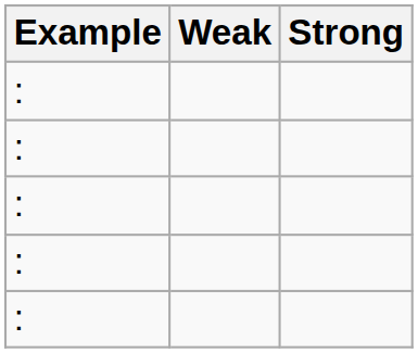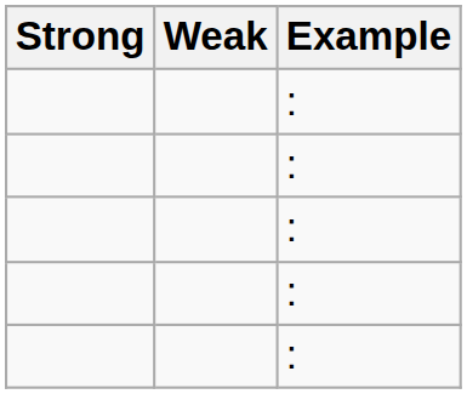 <table class="wikitable">
 <tr>
+<th>Strong</th>
+<th>Weak</th>
 <th>Example</th>
-<th>Weak</th>
-<th>Strong</th>
 </tr>
 <tr>
-<td> : </td>
 <td></td>
 <td></td>
+<td> : </td>
 </tr>
 <tr>
-<td> : </td>
 <td></td>
 <td></td>
+<td> : </td>
 </tr>
 <tr>
-<td> : </td>
 <td></td>
 <td></td>
+<td> : </td>
 </tr>
 <tr>
-<td> : </td>
 <td></td>
 <td></td>
+<td> : </td>
 </tr>
 <tr>
-<td> : </td>
 <td> </td>
 <td> </td>
+<td> : </td>
 </tr>
 </table>
